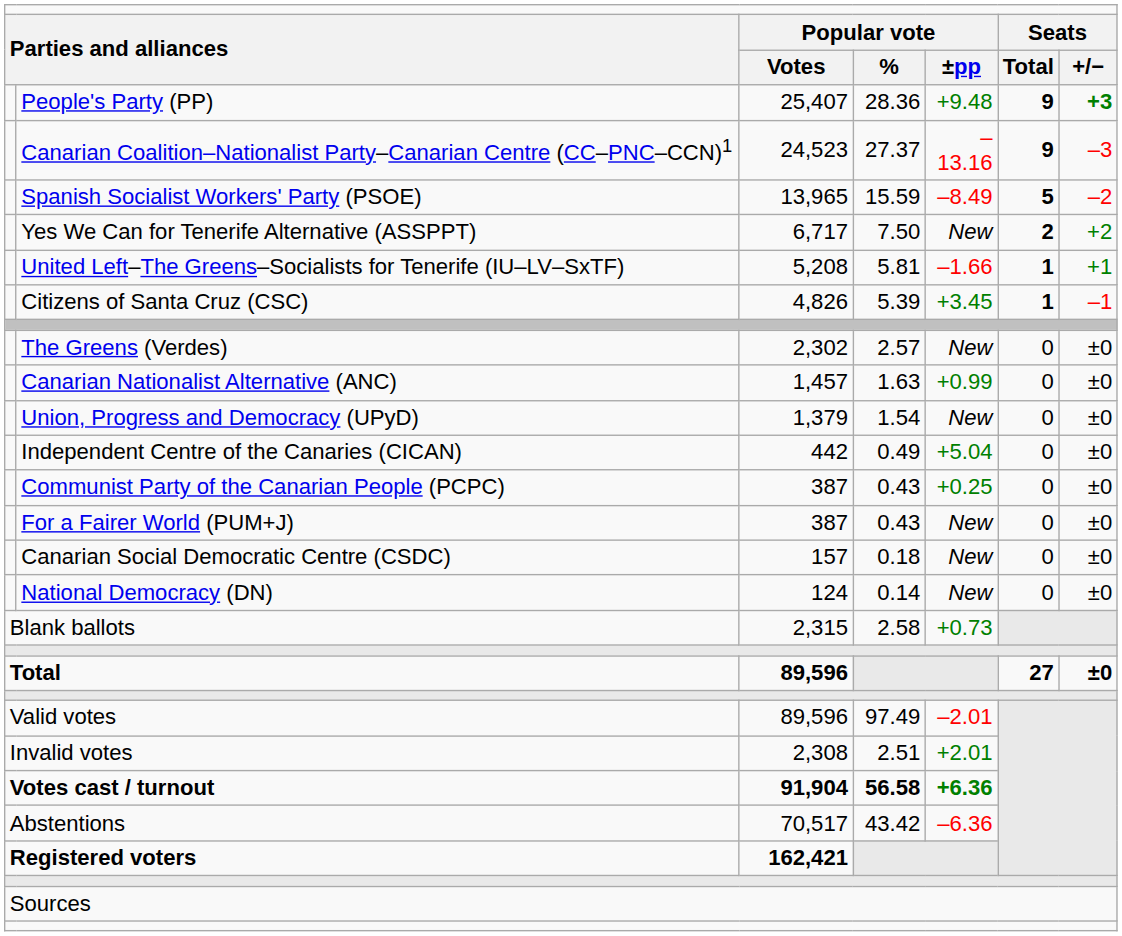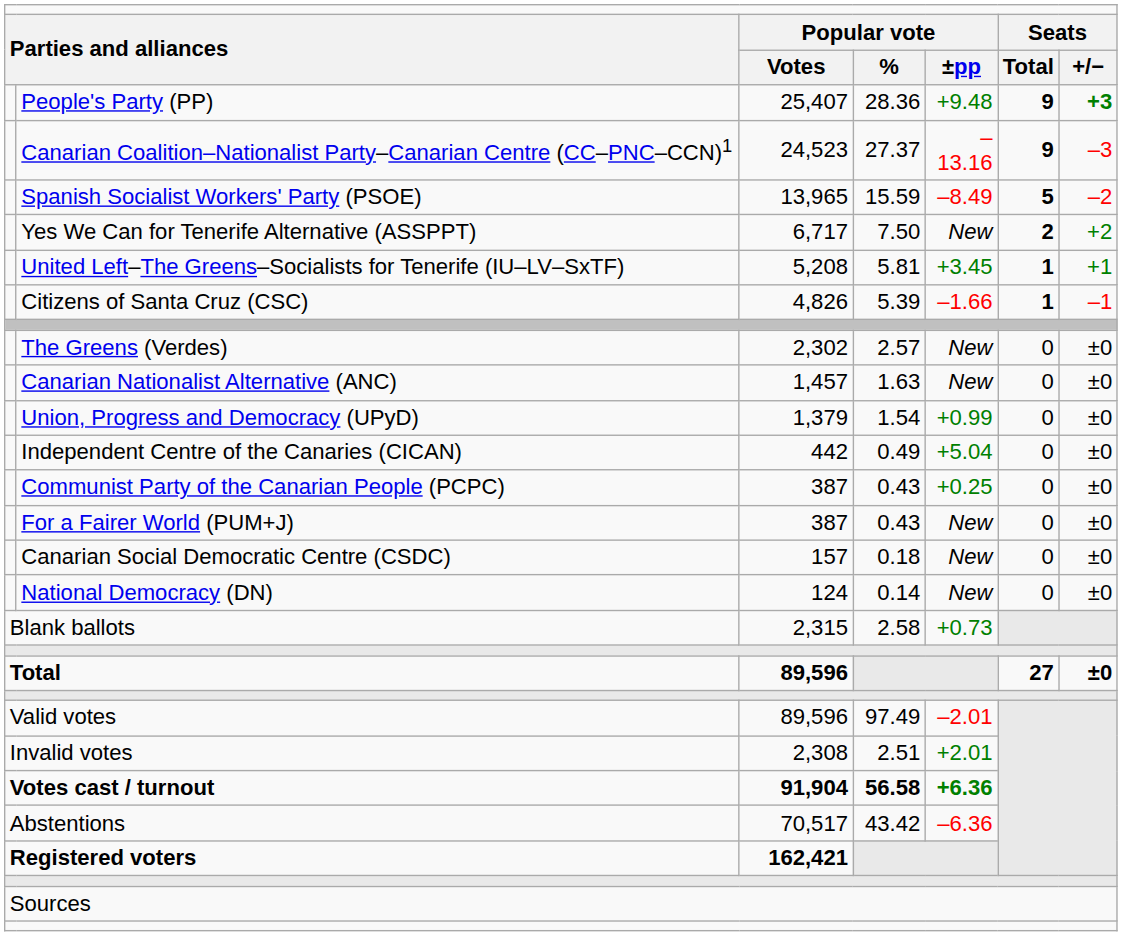 <table class="wikitable" style="text-align:right;">
 <tr>
 <td colspan="7"></td>
 </tr>
 <tr>
 <th style="text-align:left;" rowspan="2" colspan="2" width="525">Parties and alliances</th>
 <th colspan="3">Popular vote</th>
 <th colspan="2">Seats</th>
 </tr>
 <tr>
 <th width="75">Votes</th>
 <th width="45">%</th>
 <th width="45">±<a href='#'>pp</a></th>
 <th width="35">Total</th>
 <th width="35">+/−</th>
 </tr>
 <tr>
 <td width="1" style="color:inherit;background:"></td>
 <td align="left"><a href='#'>People's Party</a> (PP)</td>
 <td>25,407</td>
 <td>28.36</td>
 <td style="color:green;">+9.48</td>
 <td><strong>9</strong></td>
 <td style="color:green;"><strong>+3</strong></td>
 </tr>
 <tr>
 <td style="color:inherit;background:"></td>
 <td align="left"><a href='#'>Canarian Coalition–Nationalist Party</a>–<a href='#'>Canarian Centre</a> (<a href='#'>CC</a>–<a href='#'>PNC</a>–CCN)<sup>1</sup></td>
 <td>24,523</td>
 <td>27.37</td>
 <td style="color:red;">–13.16</td>
 <td><strong>9</strong></td>
 <td style="color:red;">–3</td>
 </tr>
 <tr>
 <td style="color:inherit;background:"></td>
 <td align="left"><a href='#'>Spanish Socialist Workers' Party</a> (PSOE)</td>
 <td>13,965</td>
 <td>15.59</td>
 <td style="color:red;">–8.49</td>
 <td><strong>5</strong></td>
 <td style="color:red;">–2</td>
 </tr>
 <tr>
 <td style="color:inherit;background:"></td>
 <td align="left">Yes We Can for Tenerife Alternative (ASSPPT)</td>
 <td>6,717</td>
 <td>7.50</td>
 <td><em>New</em></td>
 <td><strong>2</strong></td>
 <td style="color:green;">+2</td>
 </tr>
 <tr>
 <td style="color:inherit;background:"></td>
 <td align="left"><a href='#'>United Left</a>–<a href='#'>The Greens</a>–Socialists for Tenerife (IU–LV–SxTF)</td>
 <td>5,208</td>
 <td>5.81</td>
-<td style="color:red;">–1.66</td>
+<td style="color:green;">+3.45</td>
 <td><strong>1</strong></td>
 <td style="color:green;">+1</td>
 </tr>
 <tr>
 <td style="color:inherit;background:"></td>
 <td align="left">Citizens of Santa Cruz (CSC)</td>
 <td>4,826</td>
 <td>5.39</td>
-<td style="color:green;">+3.45</td>
+<td style="color:red;">–1.66</td>
 <td><strong>1</strong></td>
 <td style="color:red;">–1</td>
 </tr>
 <tr>
 <td colspan="7" bgcolor="#C0C0C0"></td>
 </tr>
 <tr>
 <td style="color:inherit;background:"></td>
 <td align="left"><a href='#'>The Greens</a> (Verdes)</td>
 <td>2,302</td>
 <td>2.57</td>
 <td><em>New</em></td>
 <td>0</td>
 <td>±0</td>
 </tr>
 <tr>
 <td style="color:inherit;background:"></td>
 <td align="left"><a href='#'>Canarian Nationalist Alternative</a> (ANC)</td>
 <td>1,457</td>
 <td>1.63</td>
-<td style="color:green;">+0.99</td>
+<td><em>New</em></td>
 <td>0</td>
 <td>±0</td>
 </tr>
 <tr>
 <td style="color:inherit;background:"></td>
 <td align="left"><a href='#'>Union, Progress and Democracy</a> (UPyD)</td>
 <td>1,379</td>
 <td>1.54</td>
-<td><em>New</em></td>
+<td style="color:green;">+0.99</td>
 <td>0</td>
 <td>±0</td>
 </tr>
 <tr>
 <td style="color:inherit;background:"></td>
 <td align="left">Independent Centre of the Canaries (CICAN)</td>
 <td>442</td>
 <td>0.49</td>
 <td style="color:green;">+5.04</td>
 <td>0</td>
 <td>±0</td>
 </tr>
 <tr>
 <td style="color:inherit;background:"></td>
 <td align="left"><a href='#'>Communist Party of the Canarian People</a> (PCPC)</td>
 <td>387</td>
 <td>0.43</td>
 <td style="color:green;">+0.25</td>
 <td>0</td>
 <td>±0</td>
 </tr>
 <tr>
 <td style="color:inherit;background:"></td>
 <td align="left"><a href='#'>For a Fairer World</a> (PUM+J)</td>
 <td>387</td>
 <td>0.43</td>
 <td><em>New</em></td>
 <td>0</td>
 <td>±0</td>
 </tr>
 <tr>
 <td style="color:inherit;background:"></td>
 <td align="left">Canarian Social Democratic Centre (CSDC)</td>
 <td>157</td>
 <td>0.18</td>
 <td><em>New</em></td>
 <td>0</td>
 <td>±0</td>
 </tr>
 <tr>
 <td style="color:inherit;background:"></td>
 <td align="left"><a href='#'>National Democracy</a> (DN)</td>
 <td>124</td>
 <td>0.14</td>
 <td><em>New</em></td>
 <td>0</td>
 <td>±0</td>
 </tr>
 <tr>
 <td align="left" colspan="2">Blank ballots</td>
 <td>2,315</td>
 <td>2.58</td>
 <td style="color:green;">+0.73</td>
 <td bgcolor="#E9E9E9" colspan="2"></td>
 </tr>
 <tr>
 <td colspan="7" bgcolor="#E9E9E9"></td>
 </tr>
 <tr style="font-weight:bold;">
 <td align="left" colspan="2">Total</td>
 <td>89,596</td>
 <td bgcolor="#E9E9E9" colspan="2"></td>
 <td>27</td>
 <td>±0</td>
 </tr>
 <tr>
 <td colspan="7" bgcolor="#E9E9E9"></td>
 </tr>
 <tr>
 <td align="left" colspan="2">Valid votes</td>
 <td>89,596</td>
 <td>97.49</td>
 <td style="color:red;">–2.01</td>
 <td bgcolor="#E9E9E9" colspan="2" rowspan="5"></td>
 </tr>
 <tr>
 <td align="left" colspan="2">Invalid votes</td>
 <td>2,308</td>
 <td>2.51</td>
 <td style="color:green;">+2.01</td>
 </tr>
 <tr style="font-weight:bold;">
 <td align="left" colspan="2">Votes cast / turnout</td>
 <td>91,904</td>
 <td>56.58</td>
 <td style="color:green;">+6.36</td>
 </tr>
 <tr>
 <td align="left" colspan="2">Abstentions</td>
 <td>70,517</td>
 <td>43.42</td>
 <td style="color:red;">–6.36</td>
 </tr>
 <tr style="font-weight:bold;">
 <td align="left" colspan="2">Registered voters</td>
 <td>162,421</td>
 <td bgcolor="#E9E9E9" colspan="2"></td>
 </tr>
 <tr>
 <td colspan="7" bgcolor="#E9E9E9"></td>
 </tr>
 <tr>
 <td align="left" colspan="7">Sources</td>
 </tr>
 <tr>
 <td colspan="7" style="text-align:left; max-width:790px;"></td>
 </tr>
 </table>
